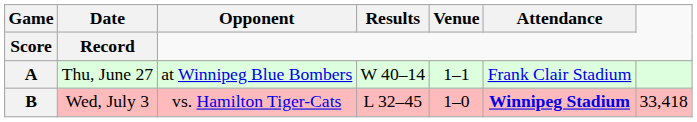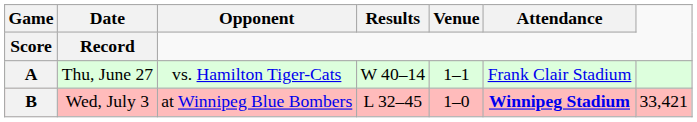 <table class="wikitable" style="text-align:center">
 <tr>
 <th>Game</th>
 <th>Date</th>
 <th>Opponent</th>
 <th>Results</th>
 <th>Venue</th>
 <th>Attendance</th>
 </tr>
 <tr>
 <th>Score</th>
 <th>Record</th>
 </tr>
 <tr style="background:#ddffdd">
 <th>A</th>
 <td>Thu, June 27</td>
-<td>at <a href='#'>Winnipeg Blue Bombers</a></td>
+<td>vs. <a href='#'>Hamilton Tiger-Cats</a></td>
 <td>W 40–14</td>
 <td>1–1</td>
 <td><a href='#'>Frank Clair Stadium</a></td>
 <td></td>
 </tr>
 <tr style="background:#ffbbbb">
 <th>B</th>
 <td>Wed, July 3</td>
-<td>vs. <a href='#'>Hamilton Tiger-Cats</a></td>
+<td>at <a href='#'>Winnipeg Blue Bombers</a></td>
 <td>L 32–45</td>
 <td>1–0</td>
 <td><strong><a href='#'>Winnipeg Stadium</a></strong></td>
-<td>33,418</td>
+<td>33,421</td>
 </tr>
 </table>
